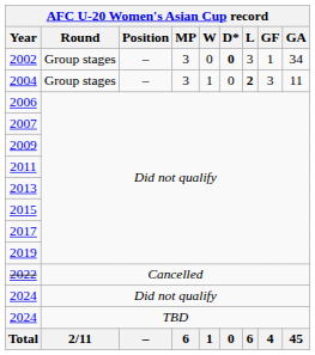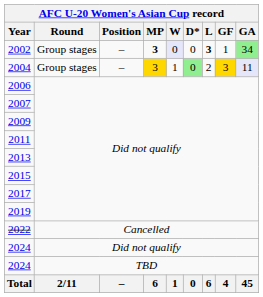 <table class="wikitable" style="text-align: center;">
 <tr>
 <th colspan=10><a href='#'>AFC U-20 Women's Asian Cup</a> record</th>
 </tr>
 <tr>
 <th>Year</th>
 <th>Round</th>
 <th>Position</th>
 <th>MP</th>
 <th>W</th>
 <th>D*</th>
 <th>L</th>
 <th>GF</th>
 <th>GA</th>
 </tr>
 <tr>
 <td> <a href='#'>2002</a></td>
 <td>Group stages</td>
 <td>–</td>
-<td>3</td>
+<td><strong>3</strong></td>
+<td style="background: lavender;">0</td>
 <td>0</td>
-<td><strong>0</strong></td>
-<td>3</td>
+<td><strong>3</strong></td>
 <td>1</td>
-<td>34</td>
+<td style="background: lightgreen;">34</td>
 </tr>
 <tr>
 <td> <a href='#'>2004</a></td>
 <td>Group stages</td>
 <td>–</td>
-<td>3</td>
+<td style="background: gold;">3</td>
 <td>1</td>
-<td>0</td>
-<td><strong>2</strong></td>
-<td>3</td>
-<td>11</td>
+<td style="background: lightgreen;">0</td>
+<td>2</td>
+<td style="background: gold;">3</td>
+<td style="background: lavender;">11</td>
 </tr>
 <tr>
 <td> <a href='#'>2006</a></td>
 <td rowspan=8 colspan=9><em>Did not qualify</em></td>
 </tr>
 <tr>
 <td> <a href='#'>2007</a></td>
 </tr>
 <tr>
 <td> <a href='#'>2009</a></td>
 </tr>
 <tr>
 <td> <a href='#'>2011</a></td>
 </tr>
 <tr>
 <td> <a href='#'>2013</a></td>
 </tr>
 <tr>
 <td> <a href='#'>2015</a></td>
 </tr>
 <tr>
 <td> <a href='#'>2017</a></td>
 </tr>
 <tr>
 <td> <a href='#'>2019</a></td>
 </tr>
 <tr>
 <td><s><a href='#'>2022</a></s></td>
 <td colspan=9><em>Cancelled</em></td>
 </tr>
 <tr>
 <td> <a href='#'>2024</a></td>
 <td colspan=9><em>Did not qualify</em></td>
 </tr>
 <tr>
 <td> <a href='#'>2024</a></td>
 <td colspan=9><em>TBD</em></td>
 </tr>
 <tr>
 <th>Total</th>
 <th>2/11</th>
 <th>–</th>
 <th>6</th>
 <th>1</th>
 <th>0</th>
 <th>6</th>
 <th>4</th>
 <th>45</th>
 </tr>
 </table>
